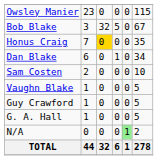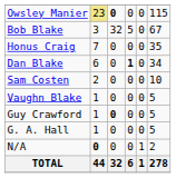 <table class="wikitable">
 <tr>
 </tr>
 <tr>
 <td><a href='#'>Owsley Manier</a></td>
-<td>23</td>
-<td>0</td>
+<td style="background: khaki;">23</td>
+<td><strong>0</strong></td>
 <td>0</td>
 <td>0</td>
 <td>115</td>
 </tr>
 <tr>
 <td><a href='#'>Bob Blake</a></td>
 <td>3</td>
 <td>32</td>
 <td>5</td>
 <td>0</td>
 <td>67</td>
 </tr>
 <tr>
 <td><a href='#'>Honus Craig</a></td>
 <td>7</td>
-<td style="background: gold;">0</td>
+<td>0</td>
 <td>0</td>
 <td>0</td>
 <td>35</td>
 </tr>
 <tr>
 <td><a href='#'>Dan Blake</a></td>
 <td>6</td>
 <td>0</td>
-<td>1</td>
+<td><strong>1</strong></td>
 <td>0</td>
 <td>34</td>
 </tr>
 <tr>
 <td><a href='#'>Sam Costen</a></td>
 <td>2</td>
 <td>0</td>
 <td>0</td>
 <td>0</td>
 <td>10</td>
 </tr>
 <tr>
 <td><a href='#'>Vaughn Blake</a></td>
 <td>1</td>
 <td>0</td>
 <td>0</td>
 <td>0</td>
 <td>5</td>
 </tr>
 <tr>
 <td>Guy Crawford</td>
 <td>1</td>
-<td>0</td>
+<td><strong>0</strong></td>
 <td>0</td>
 <td>0</td>
 <td>5</td>
 </tr>
 <tr>
 <td>G. A. Hall</td>
 <td>1</td>
 <td>0</td>
 <td>0</td>
 <td>0</td>
 <td>5</td>
 </tr>
 <tr>
 <td>N/A</td>
+<td><strong>0</strong></td>
 <td>0</td>
 <td>0</td>
-<td>0</td>
-<td style="background: lightgreen;">1</td>
+<td>1</td>
 <td>2</td>
 </tr>
 <tr>
 <th>TOTAL</th>
 <th>44</th>
 <th>32</th>
 <th>6</th>
 <th>1</th>
 <th>278</th>
 </tr>
 <tr>
 </tr>
 </table>
